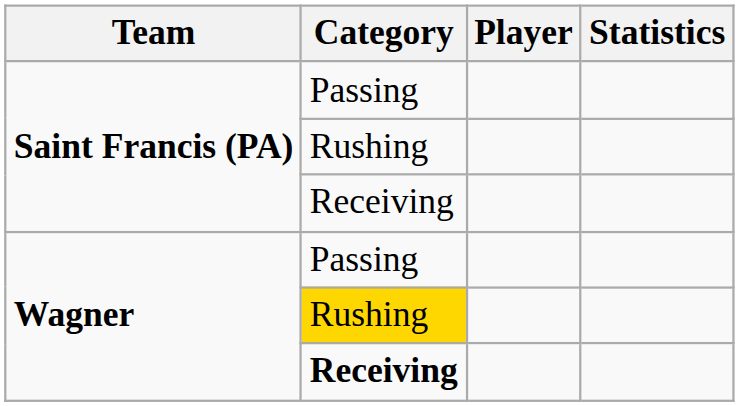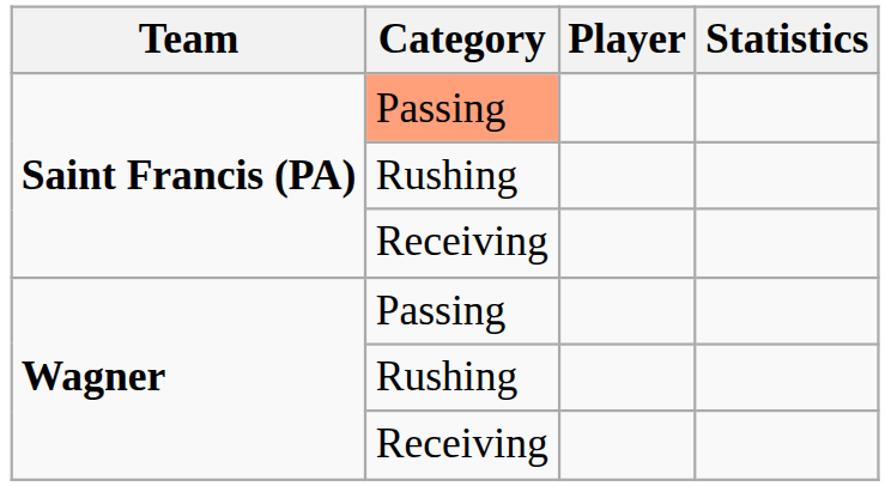 <table class="wikitable" style="float: right;">
 <tr>
 <th>Team</th>
 <th>Category</th>
 <th>Player</th>
 <th>Statistics</th>
 </tr>
 <tr>
 <td rowspan=3><strong>Saint Francis (PA)</strong></td>
-<td>Passing</td>
+<td style="background: lightsalmon;">Passing</td>
 <td></td>
 <td></td>
 </tr>
 <tr>
 <td>Rushing</td>
 <td></td>
 <td></td>
 </tr>
 <tr>
 <td>Receiving</td>
 <td></td>
 <td></td>
 </tr>
 <tr>
 <td rowspan=3><strong>Wagner</strong></td>
 <td>Passing</td>
 <td></td>
 <td></td>
 </tr>
 <tr>
-<td style="background: gold;">Rushing</td>
+<td>Rushing</td>
 <td></td>
 <td></td>
 </tr>
 <tr>
-<td><strong>Receiving</strong></td>
+<td>Receiving</td>
 <td></td>
 <td></td>
 </tr>
 </table>
